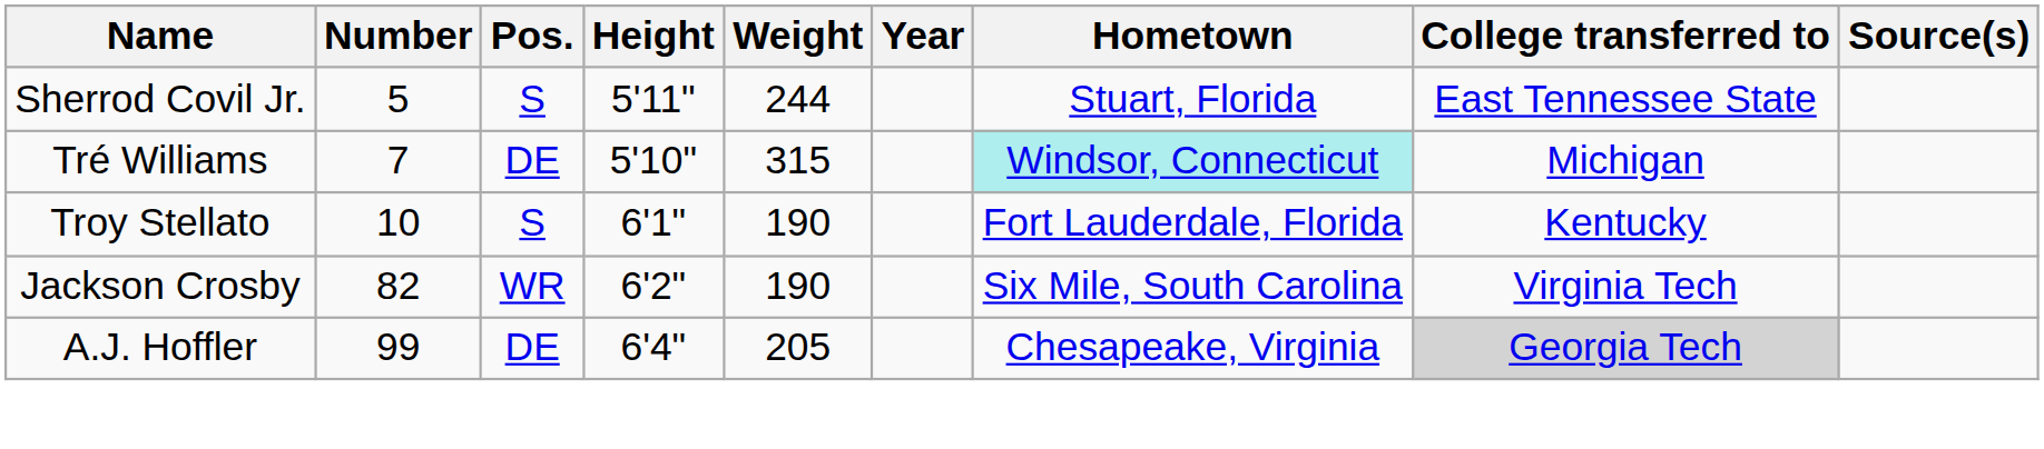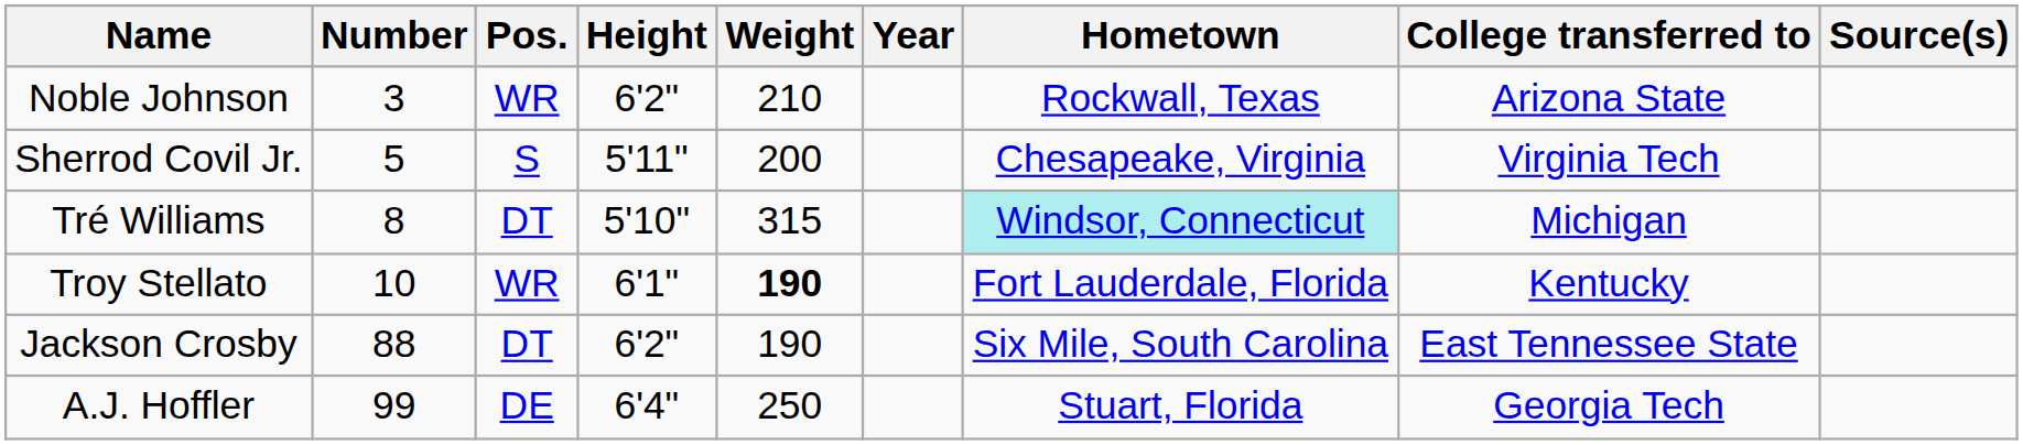 <table class="wikitable sortable" border="1" style="text-align: center;">
 <tr align=center>
 <th>Name</th>
 <th>Number</th>
 <th>Pos.</th>
 <th>Height</th>
 <th>Weight</th>
 <th>Year</th>
 <th>Hometown</th>
 <th>College transferred to</th>
 <th>Source(s)</th>
 </tr>
 <tr>
+<td>Noble Johnson</td>
+<td>3</td>
+<td><a href='#'>WR</a></td>
+<td>6'2"</td>
+<td>210</td>
+<td></td>
+<td><a href='#'>Rockwall, Texas</a></td>
+<td><a href='#'>Arizona State</a></td>
+<td></td>
+</tr>
+<tr>
 <td>Sherrod Covil Jr.</td>
 <td>5</td>
 <td><a href='#'>S</a></td>
 <td>5'11"</td>
-<td>244</td>
+<td>200</td>
 <td></td>
-<td><a href='#'>Stuart, Florida</a></td>
-<td><a href='#'>East Tennessee State</a></td>
+<td><a href='#'>Chesapeake, Virginia</a></td>
+<td><a href='#'>Virginia Tech</a></td>
 <td></td>
 </tr>
 <tr>
 <td>Tré Williams</td>
-<td>7</td>
-<td><a href='#'>DE</a></td>
+<td>8</td>
+<td><a href='#'>DT</a></td>
 <td>5'10"</td>
 <td>315</td>
 <td></td>
 <td style="background: paleturquoise;"><a href='#'>Windsor, Connecticut</a></td>
 <td><a href='#'>Michigan</a></td>
 <td></td>
 </tr>
 <tr>
 <td>Troy Stellato</td>
 <td>10</td>
-<td><a href='#'>S</a></td>
+<td><a href='#'>WR</a></td>
 <td>6'1"</td>
-<td>190</td>
+<td><strong>190</strong></td>
 <td></td>
 <td><a href='#'>Fort Lauderdale, Florida</a></td>
 <td><a href='#'>Kentucky</a></td>
 <td></td>
 </tr>
 <tr>
 <td>Jackson Crosby</td>
-<td>82</td>
-<td><a href='#'>WR</a></td>
+<td>88</td>
+<td><a href='#'>DT</a></td>
 <td>6'2"</td>
 <td>190</td>
 <td></td>
 <td><a href='#'>Six Mile, South Carolina</a></td>
-<td><a href='#'>Virginia Tech</a></td>
+<td><a href='#'>East Tennessee State</a></td>
 <td></td>
 </tr>
 <tr>
 <td>A.J. Hoffler</td>
 <td>99</td>
 <td><a href='#'>DE</a></td>
 <td>6'4"</td>
-<td>205</td>
+<td>250</td>
 <td></td>
-<td><a href='#'>Chesapeake, Virginia</a></td>
-<td style="background: lightgrey;"><a href='#'>Georgia Tech</a></td>
+<td><a href='#'>Stuart, Florida</a></td>
+<td><a href='#'>Georgia Tech</a></td>
 <td></td>
 </tr>
 </table>
